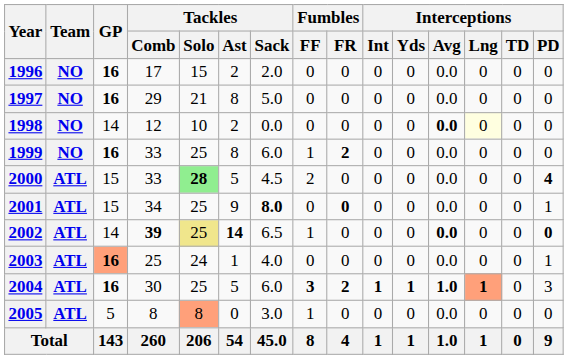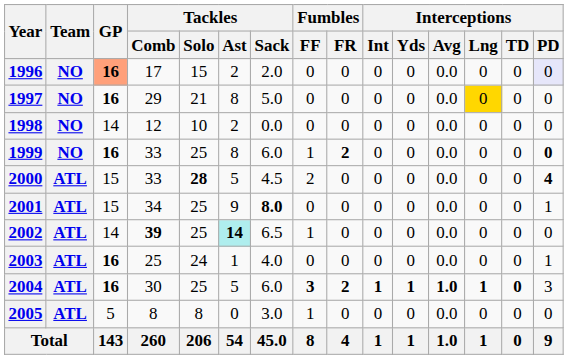 <table class="wikitable" style="text-align:center">
 <tr>
 <th rowspan="2">Year</th>
 <th rowspan="2">Team</th>
 <th rowspan="2">GP</th>
 <th colspan="4">Tackles</th>
 <th colspan="2">Fumbles</th>
 <th colspan="6">Interceptions</th>
 </tr>
 <tr>
 <th>Comb</th>
 <th>Solo</th>
 <th>Ast</th>
 <th>Sack</th>
 <th>FF</th>
 <th>FR</th>
 <th>Int</th>
 <th>Yds</th>
 <th>Avg</th>
 <th>Lng</th>
 <th>TD</th>
 <th>PD</th>
 </tr>
 <tr>
 <th><a href='#'>1996</a></th>
 <th><a href='#'>NO</a></th>
-<td><strong>16</strong></td>
+<td style="background: lightsalmon;"><strong>16</strong></td>
 <td>17</td>
 <td>15</td>
 <td>2</td>
 <td>2.0</td>
 <td>0</td>
 <td>0</td>
 <td>0</td>
 <td>0</td>
 <td>0.0</td>
 <td>0</td>
 <td>0</td>
-<td>0</td>
+<td style="background: lavender;">0</td>
 </tr>
 <tr>
 <th><a href='#'>1997</a></th>
 <th><a href='#'>NO</a></th>
 <td><strong>16</strong></td>
 <td>29</td>
 <td>21</td>
 <td>8</td>
 <td>5.0</td>
 <td>0</td>
 <td>0</td>
 <td>0</td>
 <td>0</td>
 <td>0.0</td>
-<td>0</td>
+<td style="background: gold;">0</td>
 <td>0</td>
 <td>0</td>
 </tr>
 <tr>
 <th><a href='#'>1998</a></th>
 <th><a href='#'>NO</a></th>
 <td>14</td>
 <td>12</td>
 <td>10</td>
 <td>2</td>
 <td>0.0</td>
 <td>0</td>
 <td>0</td>
 <td>0</td>
 <td>0</td>
-<td><strong>0.0</strong></td>
-<td style="background: lightyellow;">0</td>
+<td>0.0</td>
+<td>0</td>
 <td>0</td>
 <td>0</td>
 </tr>
 <tr>
 <th><a href='#'>1999</a></th>
 <th><a href='#'>NO</a></th>
 <td><strong>16</strong></td>
 <td>33</td>
 <td>25</td>
 <td>8</td>
 <td>6.0</td>
 <td>1</td>
 <td><strong>2</strong></td>
 <td>0</td>
 <td>0</td>
 <td>0.0</td>
 <td>0</td>
 <td>0</td>
-<td>0</td>
+<td><strong>0</strong></td>
 </tr>
 <tr>
 <th><a href='#'>2000</a></th>
 <th><a href='#'>ATL</a></th>
 <td>15</td>
 <td>33</td>
-<td style="background: lightgreen;"><strong>28</strong></td>
+<td><strong>28</strong></td>
 <td>5</td>
 <td>4.5</td>
 <td>2</td>
 <td>0</td>
 <td>0</td>
 <td>0</td>
 <td>0.0</td>
 <td>0</td>
 <td>0</td>
 <td><strong>4</strong></td>
 </tr>
 <tr>
 <th><a href='#'>2001</a></th>
 <th><a href='#'>ATL</a></th>
 <td>15</td>
 <td>34</td>
 <td>25</td>
 <td>9</td>
 <td><strong>8.0</strong></td>
 <td>0</td>
-<td><strong>0</strong></td>
+<td>0</td>
 <td>0</td>
 <td>0</td>
 <td>0.0</td>
 <td>0</td>
 <td>0</td>
 <td>1</td>
 </tr>
 <tr>
 <th><a href='#'>2002</a></th>
 <th><a href='#'>ATL</a></th>
 <td>14</td>
 <td><strong>39</strong></td>
-<td style="background: khaki;">25</td>
-<td><strong>14</strong></td>
+<td>25</td>
+<td style="background: paleturquoise;"><strong>14</strong></td>
 <td>6.5</td>
 <td>1</td>
 <td>0</td>
 <td>0</td>
 <td>0</td>
-<td><strong>0.0</strong></td>
+<td>0.0</td>
 <td>0</td>
 <td>0</td>
-<td><strong>0</strong></td>
+<td>0</td>
 </tr>
 <tr>
 <th><a href='#'>2003</a></th>
 <th><a href='#'>ATL</a></th>
-<td style="background: lightsalmon;"><strong>16</strong></td>
+<td><strong>16</strong></td>
 <td>25</td>
 <td>24</td>
 <td>1</td>
 <td>4.0</td>
 <td>0</td>
 <td>0</td>
 <td>0</td>
 <td>0</td>
 <td>0.0</td>
 <td>0</td>
 <td>0</td>
 <td>1</td>
 </tr>
 <tr>
 <th><a href='#'>2004</a></th>
 <th><a href='#'>ATL</a></th>
 <td><strong>16</strong></td>
 <td>30</td>
 <td>25</td>
 <td>5</td>
 <td>6.0</td>
 <td><strong>3</strong></td>
 <td><strong>2</strong></td>
 <td><strong>1</strong></td>
 <td><strong>1</strong></td>
 <td><strong>1.0</strong></td>
-<td style="background: lightsalmon;"><strong>1</strong></td>
-<td>0</td>
+<td><strong>1</strong></td>
+<td><strong>0</strong></td>
 <td>3</td>
 </tr>
 <tr>
 <th><a href='#'>2005</a></th>
 <th><a href='#'>ATL</a></th>
 <td>5</td>
 <td>8</td>
-<td style="background: lightsalmon;">8</td>
+<td>8</td>
 <td>0</td>
 <td>3.0</td>
 <td>1</td>
 <td>0</td>
 <td>0</td>
 <td>0</td>
 <td>0.0</td>
 <td>0</td>
 <td>0</td>
 <td>0</td>
 </tr>
 <tr>
 <th colspan="2">Total</th>
 <th>143</th>
 <th>260</th>
 <th>206</th>
 <th>54</th>
 <th>45.0</th>
 <th>8</th>
 <th>4</th>
 <th>1</th>
 <th>1</th>
 <th>1.0</th>
 <th>1</th>
 <th>0</th>
 <th>9</th>
 </tr>
 </table>
